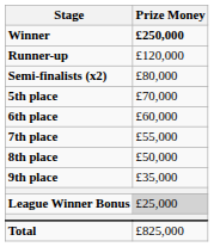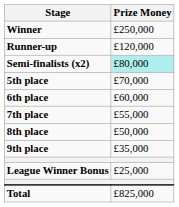 <table class="wikitable">
 <tr>
 <th>Stage</th>
 <th>Prize Money</th>
 </tr>
 <tr>
 <td><strong>Winner</strong></td>
-<td><strong>£250,000</strong></td>
+<td>£250,000</td>
 </tr>
 <tr>
 <td><strong>Runner-up</strong></td>
 <td>£120,000</td>
 </tr>
 <tr>
 <td><strong>Semi-finalists (x2)</strong></td>
-<td>£80,000</td>
+<td style="background: paleturquoise;">£80,000</td>
 </tr>
 <tr>
 <td><strong>5th place</strong></td>
 <td>£70,000</td>
 </tr>
 <tr>
 <td><strong>6th place</strong></td>
 <td>£60,000</td>
 </tr>
 <tr>
 <td><strong>7th place</strong></td>
 <td>£55,000</td>
 </tr>
 <tr>
 <td><strong>8th place</strong></td>
 <td>£50,000</td>
 </tr>
 <tr>
 <td><strong>9th place</strong></td>
 <td>£35,000</td>
 </tr>
 <tr>
 <th colspan=3></th>
 </tr>
 <tr>
 <td><strong>League Winner Bonus</strong></td>
-<td style="background: lightgrey;">£25,000</td>
+<td>£25,000</td>
 </tr>
 <tr>
 <th colspan=3></th>
 </tr>
 <tr style="border-top:2px solid black;">
 <td><strong>Total</strong></td>
 <td>£825,000</td>
 </tr>
 </table>
